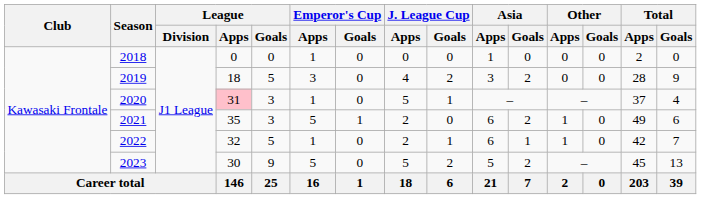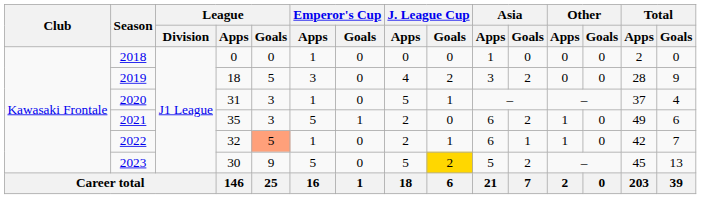 <table class="wikitable" style="text-align:center;">
 <tr>
 <th rowspan="2">Club</th>
 <th rowspan="2">Season</th>
 <th colspan="3">League</th>
 <th colspan="2"><a href='#'>Emperor's Cup</a></th>
 <th colspan="2"><a href='#'>J. League Cup</a></th>
 <th colspan="2">Asia</th>
 <th colspan="2">Other</th>
 <th colspan="2">Total</th>
 </tr>
 <tr>
 <th>Division</th>
 <th>Apps</th>
 <th>Goals</th>
 <th>Apps</th>
 <th>Goals</th>
 <th>Apps</th>
 <th>Goals</th>
 <th>Apps</th>
 <th>Goals</th>
 <th>Apps</th>
 <th>Goals</th>
 <th>Apps</th>
 <th>Goals</th>
 </tr>
 <tr>
 <td rowspan="6"><a href='#'>Kawasaki Frontale</a></td>
 <td><a href='#'>2018</a></td>
 <td rowspan="6"><a href='#'>J1 League</a></td>
 <td>0</td>
 <td>0</td>
 <td>1</td>
 <td>0</td>
 <td>0</td>
 <td>0</td>
 <td>1</td>
 <td>0</td>
 <td>0</td>
 <td>0</td>
 <td>2</td>
 <td>0</td>
 </tr>
 <tr>
 <td><a href='#'>2019</a></td>
 <td>18</td>
 <td>5</td>
 <td>3</td>
 <td>0</td>
 <td>4</td>
 <td>2</td>
 <td>3</td>
 <td>2</td>
 <td>0</td>
 <td>0</td>
 <td>28</td>
 <td>9</td>
 </tr>
 <tr>
 <td><a href='#'>2020</a></td>
-<td style="background: pink;">31</td>
+<td>31</td>
 <td>3</td>
 <td>1</td>
 <td>0</td>
 <td>5</td>
 <td>1</td>
 <td colspan="2">–</td>
 <td colspan="2">–</td>
 <td>37</td>
 <td>4</td>
 </tr>
 <tr>
 <td><a href='#'>2021</a></td>
 <td>35</td>
 <td>3</td>
 <td>5</td>
 <td>1</td>
 <td>2</td>
 <td>0</td>
 <td>6</td>
 <td>2</td>
 <td>1</td>
 <td>0</td>
 <td>49</td>
 <td>6</td>
 </tr>
 <tr>
 <td><a href='#'>2022</a></td>
 <td>32</td>
-<td>5</td>
+<td style="background: lightsalmon;">5</td>
 <td>1</td>
 <td>0</td>
 <td>2</td>
 <td>1</td>
 <td>6</td>
 <td>1</td>
 <td>1</td>
 <td>0</td>
 <td>42</td>
 <td>7</td>
 </tr>
 <tr>
 <td><a href='#'>2023</a></td>
 <td>30</td>
 <td>9</td>
 <td>5</td>
 <td>0</td>
 <td>5</td>
-<td>2</td>
+<td style="background: gold;">2</td>
 <td>5</td>
 <td>2</td>
 <td colspan="2">–</td>
 <td>45</td>
 <td>13</td>
 </tr>
 <tr>
 <th colspan="3">Career total</th>
 <th>146</th>
 <th>25</th>
 <th>16</th>
 <th>1</th>
 <th>18</th>
 <th>6</th>
 <th>21</th>
 <th>7</th>
 <th>2</th>
 <th>0</th>
 <th>203</th>
 <th>39</th>
 </tr>
 </table>
